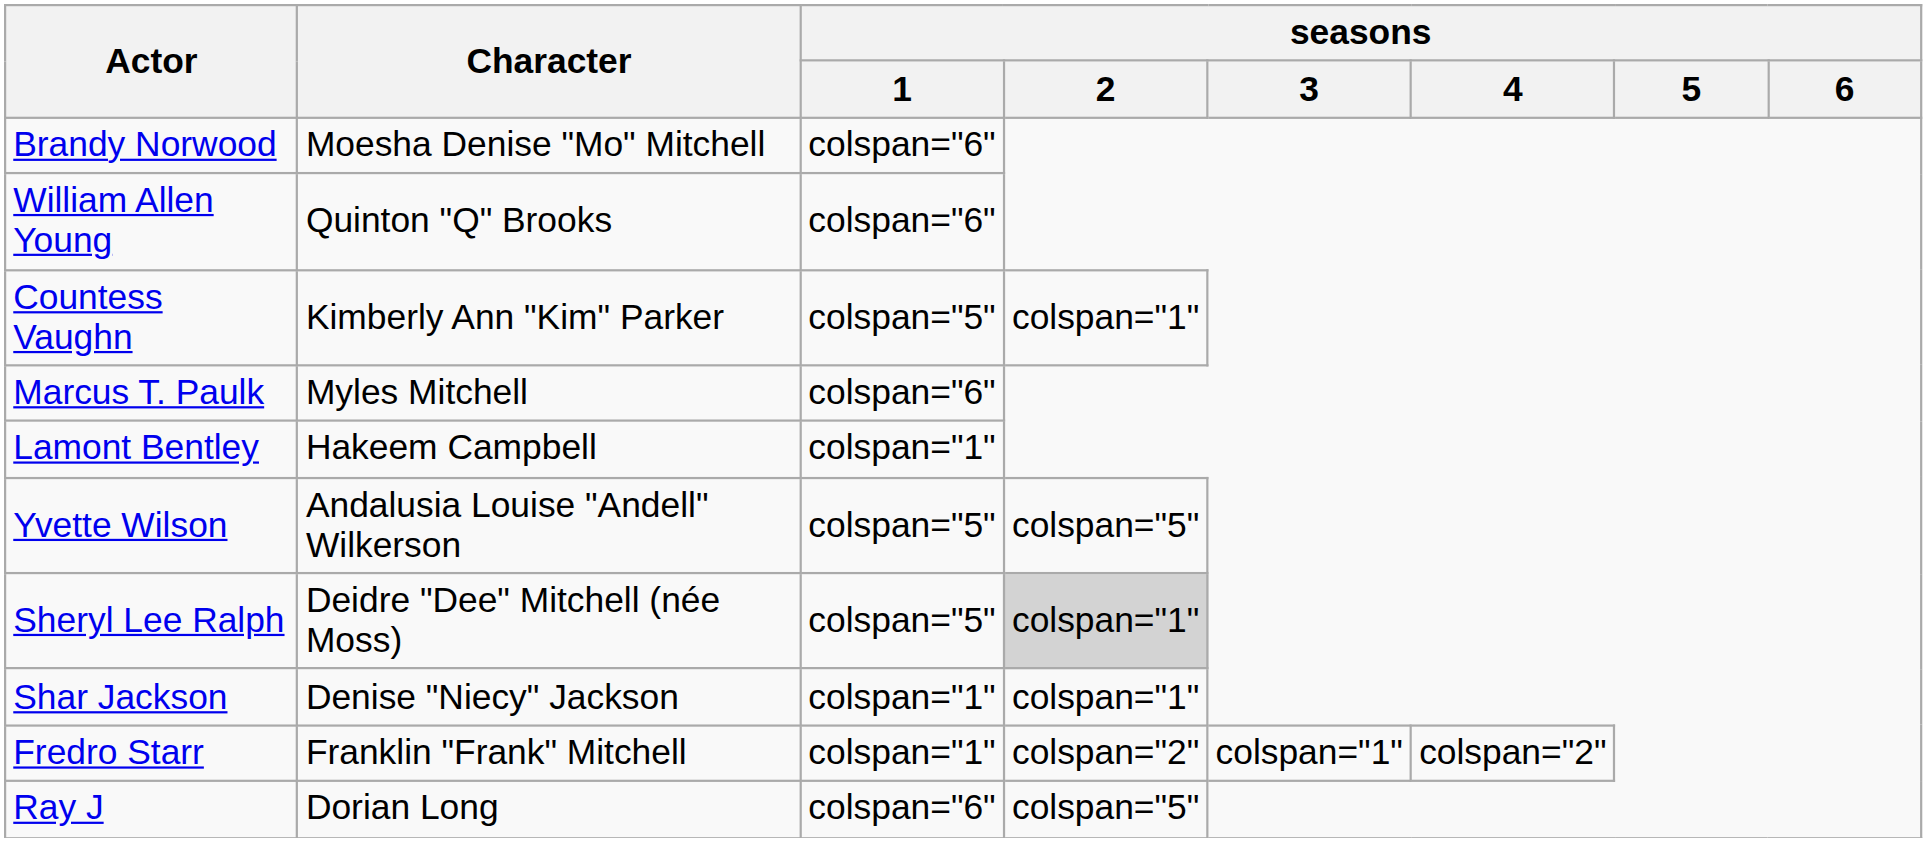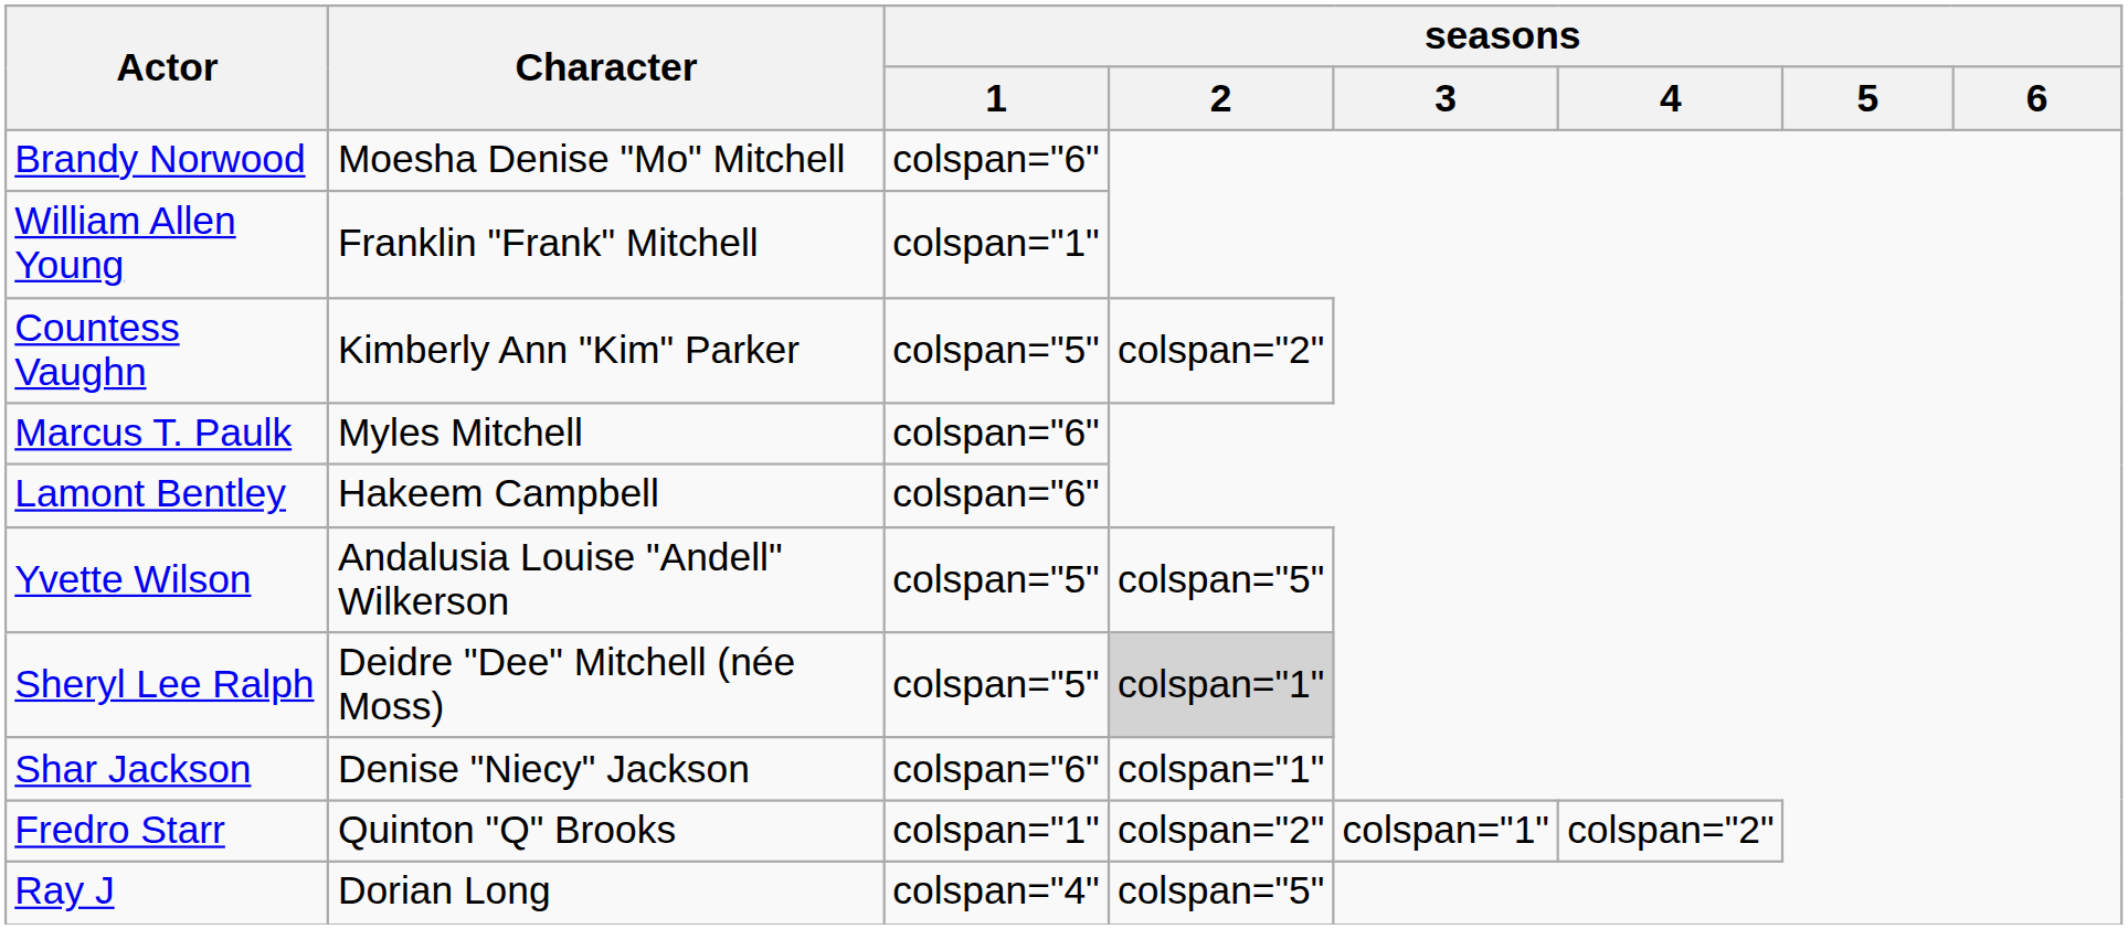 <table class="wikitable">
 <tr>
 <th rowspan="2">Actor</th>
 <th rowspan="2">Character</th>
 <th colspan="6">seasons</th>
 </tr>
 <tr>
 <th width="8%">1</th>
 <th width="8%">2</th>
 <th width="8%">3</th>
 <th width="8%">4</th>
 <th width="8%">5</th>
 <th width="8%">6</th>
 </tr>
 <tr>
 <td><a href='#'>Brandy Norwood</a></td>
 <td>Moesha Denise "Mo" Mitchell</td>
 <td>colspan="6" </td>
 </tr>
 <tr>
 <td><a href='#'>William Allen Young</a></td>
-<td>Quinton "Q" Brooks</td>
-<td>colspan="6" </td>
+<td>Franklin "Frank" Mitchell</td>
+<td>colspan="1" </td>
 </tr>
 <tr>
 <td><a href='#'>Countess Vaughn</a></td>
 <td>Kimberly Ann "Kim" Parker</td>
 <td>colspan="5" </td>
-<td>colspan="1" </td>
+<td>colspan="2" </td>
 </tr>
 <tr>
 <td><a href='#'>Marcus T. Paulk</a></td>
 <td>Myles Mitchell</td>
 <td>colspan="6" </td>
 </tr>
 <tr>
 <td><a href='#'>Lamont Bentley</a></td>
 <td>Hakeem Campbell</td>
-<td>colspan="1" </td>
+<td>colspan="6" </td>
 </tr>
 <tr>
 <td><a href='#'>Yvette Wilson</a></td>
 <td>Andalusia Louise "Andell" Wilkerson</td>
 <td>colspan="5" </td>
 <td>colspan="5" </td>
 </tr>
 <tr>
 <td><a href='#'>Sheryl Lee Ralph</a></td>
 <td>Deidre "Dee" Mitchell (née Moss)</td>
 <td>colspan="5" </td>
 <td style="background: lightgrey;">colspan="1" </td>
 </tr>
 <tr>
 <td><a href='#'>Shar Jackson</a></td>
 <td>Denise "Niecy" Jackson</td>
-<td>colspan="1" </td>
+<td>colspan="6" </td>
 <td>colspan="1" </td>
 </tr>
 <tr>
 <td><a href='#'>Fredro Starr</a></td>
-<td>Franklin "Frank" Mitchell</td>
+<td>Quinton "Q" Brooks</td>
 <td>colspan="1" </td>
 <td>colspan="2" </td>
 <td>colspan="1" </td>
 <td>colspan="2" </td>
 </tr>
 <tr>
 <td><a href='#'>Ray J</a></td>
 <td>Dorian Long</td>
-<td>colspan="6" </td>
+<td>colspan="4" </td>
 <td>colspan="5" </td>
 </tr>
 </table>
